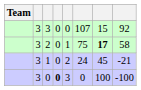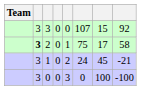 <table class="wikitable" style="text-align: center;">
 <tr>
 <th>Team</th>
 <th></th>
 <th></th>
 <th></th>
 <th></th>
 <th></th>
 <th></th>
 <th></th>
 </tr>
 <tr bgcolor="ccffcc">
 <td align="left"></td>
 <td>3</td>
 <td>3</td>
 <td>0</td>
 <td>0</td>
 <td>107</td>
 <td>15</td>
 <td>92</td>
 </tr>
 <tr bgcolor="ccffcc">
 <td align="left"></td>
-<td>3</td>
+<td><strong>3</strong></td>
 <td>2</td>
 <td>0</td>
 <td>1</td>
 <td>75</td>
-<td><strong>17</strong></td>
+<td>17</td>
 <td>58</td>
 </tr>
 <tr bgcolor="ccccff">
 <td align="left"></td>
 <td>3</td>
 <td>1</td>
 <td>0</td>
 <td>2</td>
 <td>24</td>
 <td>45</td>
 <td>-21</td>
 </tr>
 <tr bgcolor="ccccff">
 <td align="left"></td>
 <td>3</td>
 <td>0</td>
-<td><strong>0</strong></td>
+<td>0</td>
 <td>3</td>
 <td>0</td>
 <td>100</td>
 <td>-100</td>
 </tr>
 </table>
